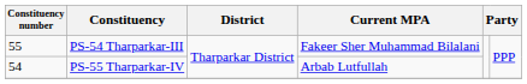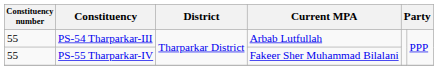 <table class="wikitable">
 <tr>
 <th width="50px" style="font-size:75%">Constituency number</th>
 <th>Constituency</th>
 <th>District</th>
 <th>Current MPA</th>
 <th colspan="2">Party</th>
 </tr>
 <tr>
 <td>55</td>
 <td><a href='#'>PS-54 Tharparkar-III</a></td>
 <td rowspan="2"><a href='#'>Tharparkar District</a></td>
-<td><a href='#'>Fakeer Sher Muhammad Bilalani</a></td>
+<td><a href='#'>Arbab Lutfullah</a></td>
 <td rowspan="2"></td>
 <td rowspan="2"><a href='#'>PPP</a></td>
 </tr>
 <tr>
-<td>54</td>
+<td>55</td>
 <td><a href='#'>PS-55 Tharparkar-IV</a></td>
-<td><a href='#'>Arbab Lutfullah</a></td>
+<td><a href='#'>Fakeer Sher Muhammad Bilalani</a></td>
 </tr>
 <tr>
 </tr>
 </table>
